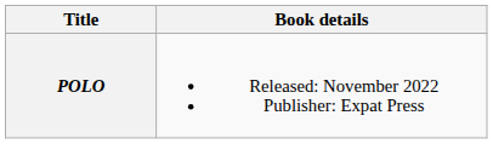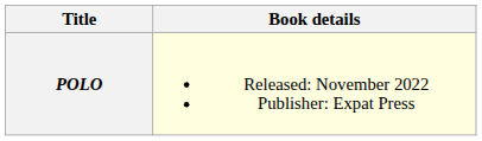 <table class="wikitable plainrowheaders" style="text-align:center;">
 <tr>
 <th scope="col" style="width:8em;">Title</th>
 <th scope="col" style="width:18em;">Book details</th>
 </tr>
 <tr>
 <th scope="row"><em>POLO</em></th>
-<td><br><ul><li>Released: November 2022</li><li>Publisher: Expat Press</li></ul></td>
+<td style="background: lightyellow;"><br><ul><li>Released: November 2022</li><li>Publisher: Expat Press</li></ul></td>
 </tr>
 </table>
